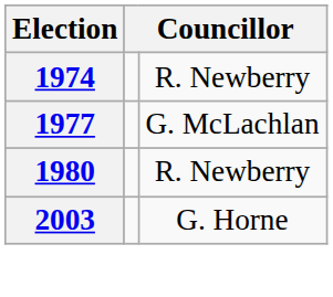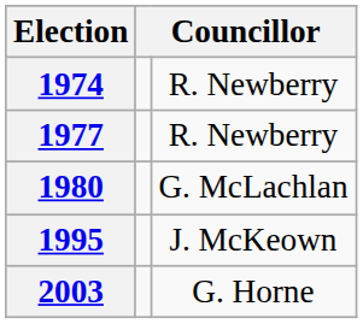 <table class="wikitable" style="text-align:center">
 <tr>
 <th>Election</th>
 <th colspan=2>Councillor</th>
 </tr>
 <tr>
 <th><a href='#'>1974</a></th>
 <td style="background-color: "></td>
 <td>R. Newberry</td>
 </tr>
 <tr>
 <th><a href='#'>1977</a></th>
 <td style="background-color: "></td>
-<td>G. McLachlan</td>
+<td>R. Newberry</td>
 </tr>
 <tr>
 <th><a href='#'>1980</a></th>
 <td style="background-color: "></td>
-<td>R. Newberry</td>
+<td>G. McLachlan</td>
+</tr>
+<tr>
+<th><a href='#'>1995</a></th>
+<td style="background-color: "></td>
+<td>J. McKeown</td>
 </tr>
 <tr>
 <th><a href='#'>2003</a></th>
 <td style="background-color: "></td>
 <td>G. Horne</td>
 </tr>
 </table>
